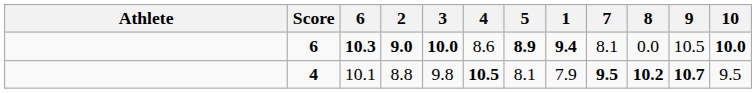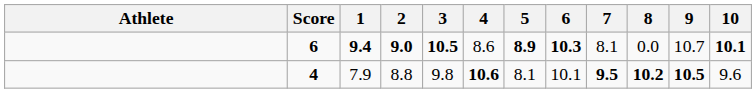 <table class="wikitable" style="text-align:center">
 <tr>
 <th width=250>Athlete</th>
 <th width=40>Score</th>
-<th width=30>6</th>
+<th width=30>1</th>
 <th width=30>2</th>
 <th width=30>3</th>
 <th width=30>4</th>
 <th width=30>5</th>
-<th width=30>1</th>
+<th width=30>6</th>
 <th width=30>7</th>
 <th width=30>8</th>
 <th width=30>9</th>
 <th width=30>10</th>
 </tr>
 <tr>
 <td align=left></td>
 <td><strong>6</strong></td>
-<td><strong>10.3</strong></td>
+<td><strong>9.4</strong></td>
 <td><strong>9.0</strong></td>
-<td><strong>10.0</strong></td>
+<td><strong>10.5</strong></td>
 <td>8.6</td>
 <td><strong>8.9</strong></td>
-<td><strong>9.4</strong></td>
+<td><strong>10.3</strong></td>
 <td>8.1</td>
 <td>0.0</td>
-<td>10.5</td>
-<td><strong>10.0</strong></td>
+<td>10.7</td>
+<td><strong>10.1</strong></td>
 </tr>
 <tr>
 <td align=left></td>
 <td><strong>4</strong></td>
-<td>10.1</td>
+<td>7.9</td>
 <td>8.8</td>
 <td>9.8</td>
-<td><strong>10.5</strong></td>
+<td><strong>10.6</strong></td>
 <td>8.1</td>
-<td>7.9</td>
+<td>10.1</td>
 <td><strong>9.5</strong></td>
 <td><strong>10.2</strong></td>
-<td><strong>10.7</strong></td>
-<td>9.5</td>
+<td><strong>10.5</strong></td>
+<td>9.6</td>
 </tr>
 </table>
